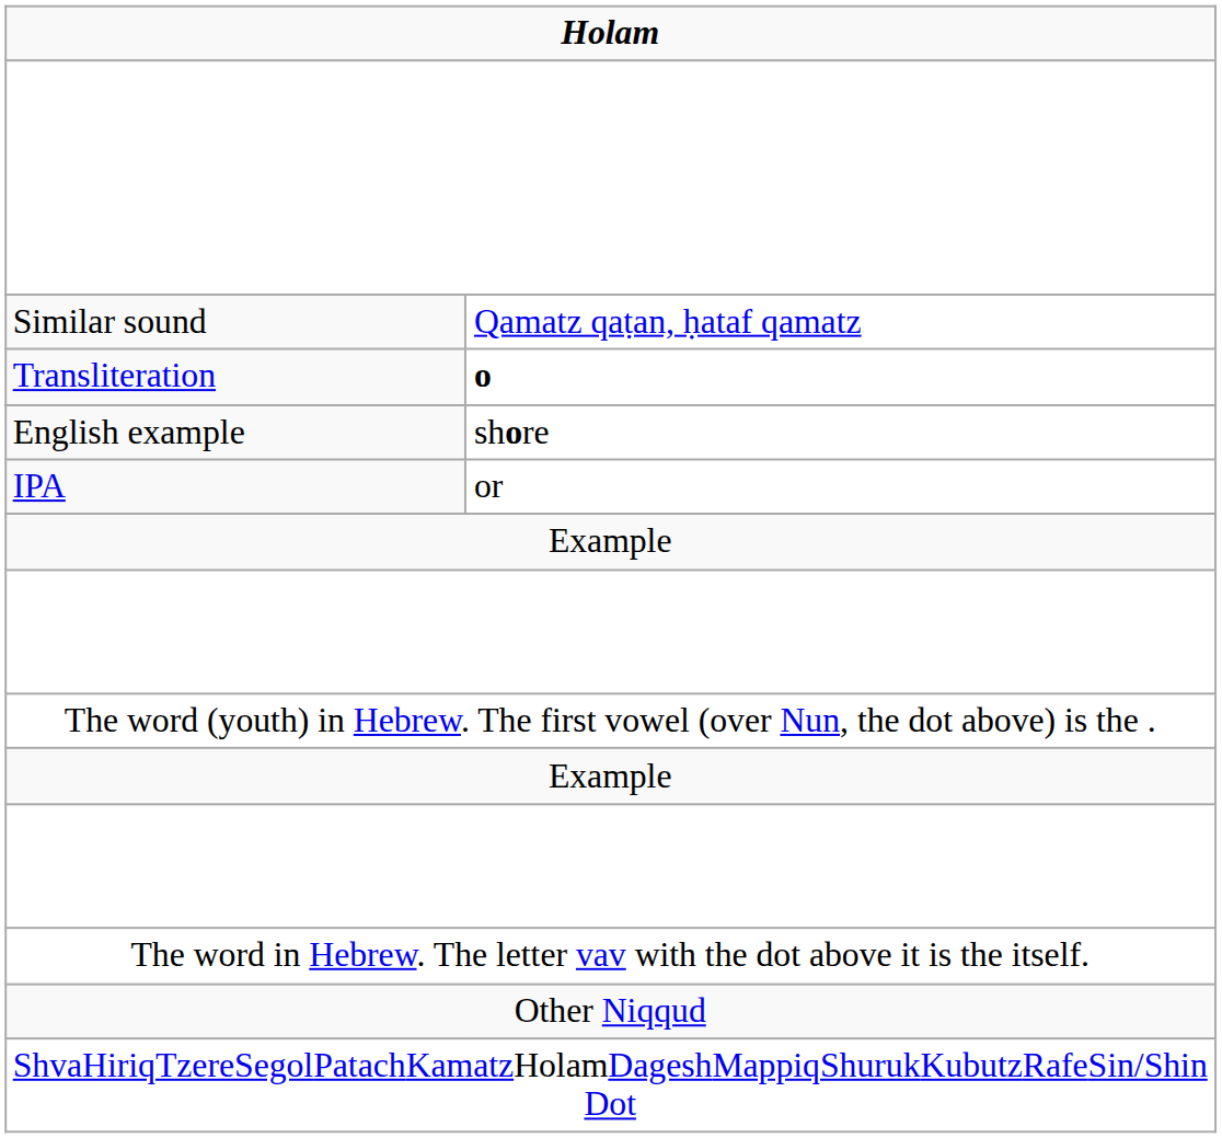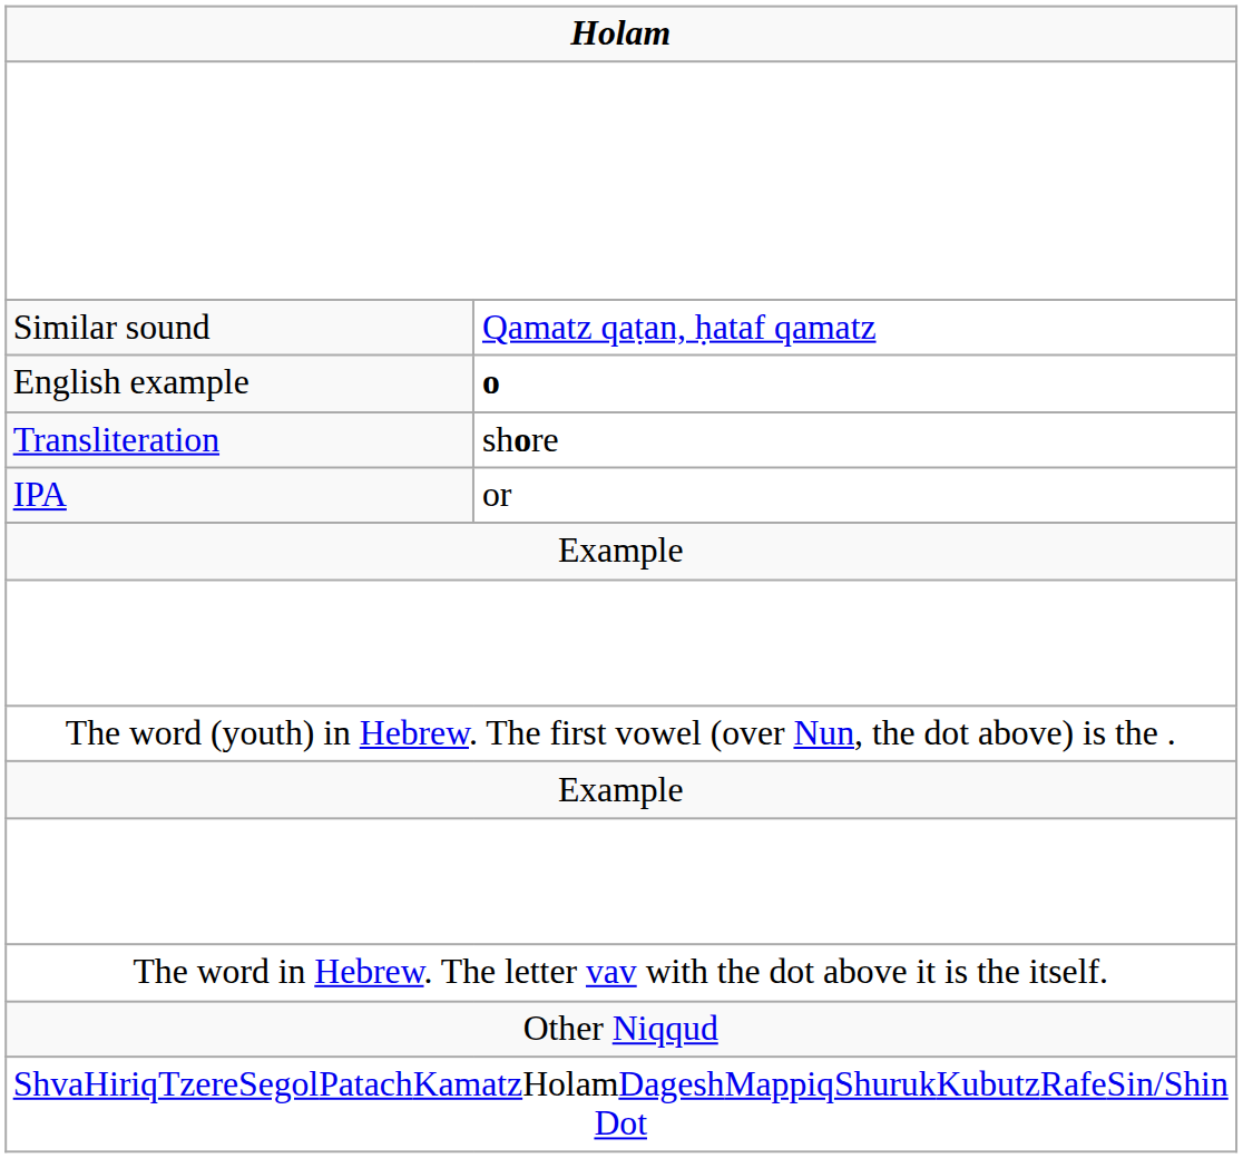 <table align="right" class="wikitable">
 <tr>
 <td colspan="2" style="text-align:center;"><strong><em>Holam</em></strong></td>
 </tr>
 <tr>
 <td colspan="2" style="background:white; height:100px; text-align:center;"></td>
 </tr>
 <tr>
 <td>Similar sound</td>
 <td style="background:white"><a href='#'>Qamatz qaṭan, ḥataf qamatz</a></td>
 </tr>
 <tr>
-<td><a href='#'>Transliteration</a></td>
+<td>English example</td>
 <td style="background:white"><strong>o</strong></td>
 </tr>
 <tr>
-<td>English example</td>
+<td><a href='#'>Transliteration</a></td>
 <td style="background:white">sh<strong>o</strong>re</td>
 </tr>
 <tr>
 <td><a href='#'>IPA</a></td>
 <td style="background:white"> or </td>
 </tr>
 <tr>
 <td colspan="2" style="text-align:center;"><em></em> Example</td>
 </tr>
 <tr style="line-height:2.5em;">
 <td colspan="2" style="background:white; height:50px; text-align:center;"></td>
 </tr>
 <tr>
 <td colspan="2" style="width:250px; background:white; text-align:center;">The word <em></em> (youth) in <a href='#'>Hebrew</a>. The first vowel (over <a href='#'>Nun</a>, the dot above) is the <em></em>.</td>
 </tr>
 <tr>
 <td colspan="2" style="text-align:center;"><em></em> Example</td>
 </tr>
 <tr style="line-height:2.5em;">
 <td colspan="2" style="background:white; height:50px; text-align:center;"></td>
 </tr>
 <tr>
 <td colspan="2" style="width:250px; background:white; text-align:center;">The word <em></em> in <a href='#'>Hebrew</a>. The letter <a href='#'>vav</a>  with the dot above it is the <em></em> itself.</td>
 </tr>
 <tr>
 <td colspan="2" style="text-align:center;">Other <a href='#'>Niqqud</a></td>
 </tr>
 <tr>
 <td colspan="2" style="width:250px; background:white; text-align:center;"><a href='#'>Shva</a><a href='#'>Hiriq</a><a href='#'>Tzere</a><a href='#'>Segol</a><a href='#'>Patach</a><a href='#'>Kamatz</a>Holam<a href='#'>Dagesh</a><a href='#'>Mappiq</a><a href='#'>Shuruk</a><a href='#'>Kubutz</a><a href='#'>Rafe</a><a href='#'>Sin/Shin Dot</a></td>
 </tr>
 </table>
